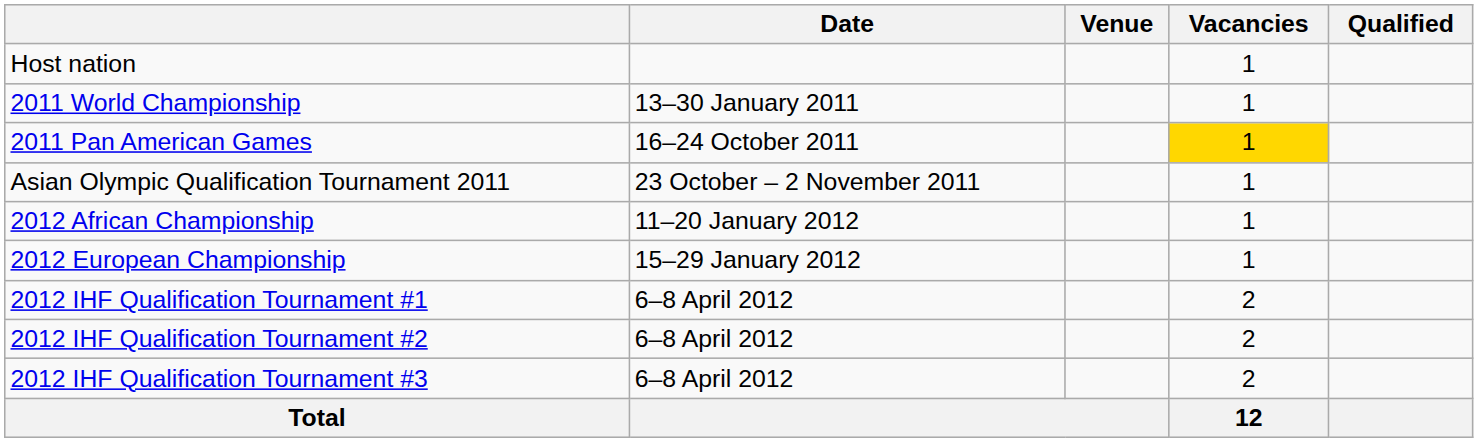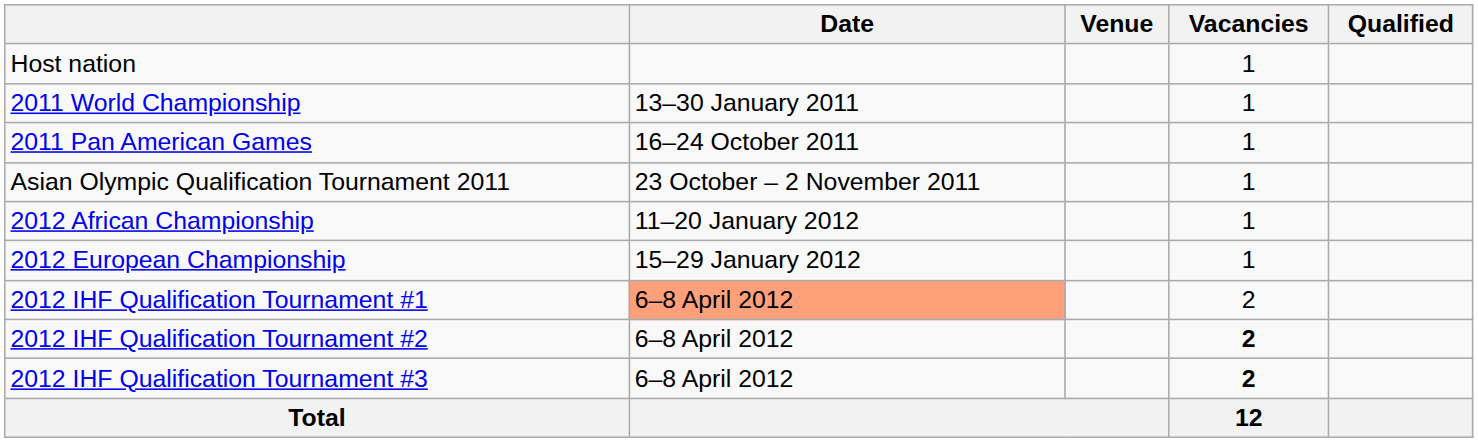 <table class="wikitable" width=75%>
 <tr>
 <th></th>
 <th>Date</th>
 <th>Venue</th>
 <th>Vacancies</th>
 <th>Qualified</th>
 </tr>
 <tr>
 <td>Host nation</td>
 <td></td>
 <td></td>
 <td align="center">1</td>
 <td></td>
 </tr>
 <tr>
 <td><a href='#'>2011 World Championship</a></td>
 <td>13–30 January 2011</td>
 <td></td>
 <td align="center">1</td>
 <td></td>
 </tr>
 <tr>
 <td><a href='#'>2011 Pan American Games</a></td>
 <td>16–24 October 2011</td>
 <td></td>
-<td align="center" style="background: gold;">1</td>
+<td align="center">1</td>
 <td></td>
 </tr>
 <tr>
 <td>Asian Olympic Qualification Tournament 2011</td>
 <td>23 October – 2 November 2011</td>
 <td></td>
 <td align="center">1</td>
 <td></td>
 </tr>
 <tr>
 <td><a href='#'>2012 African Championship</a></td>
 <td>11–20 January 2012</td>
 <td></td>
 <td align="center">1</td>
 <td></td>
 </tr>
 <tr>
 <td><a href='#'>2012 European Championship</a></td>
 <td>15–29 January 2012</td>
 <td></td>
 <td align="center">1</td>
 <td></td>
 </tr>
 <tr>
 <td><a href='#'>2012 IHF Qualification Tournament #1</a></td>
-<td>6–8 April 2012</td>
+<td style="background: lightsalmon;">6–8 April 2012</td>
 <td></td>
 <td align="center">2</td>
 <td><br></td>
 </tr>
 <tr>
 <td><a href='#'>2012 IHF Qualification Tournament #2</a></td>
 <td>6–8 April 2012</td>
 <td></td>
-<td align="center">2</td>
+<td align="center"><strong>2</strong></td>
 <td><br></td>
 </tr>
 <tr>
 <td><a href='#'>2012 IHF Qualification Tournament #3</a></td>
 <td>6–8 April 2012</td>
 <td></td>
-<td align="center">2</td>
+<td align="center"><strong>2</strong></td>
 <td><br></td>
 </tr>
 <tr>
 <th>Total</th>
 <th colspan="2"></th>
 <th>12</th>
 <th></th>
 </tr>
 </table>
